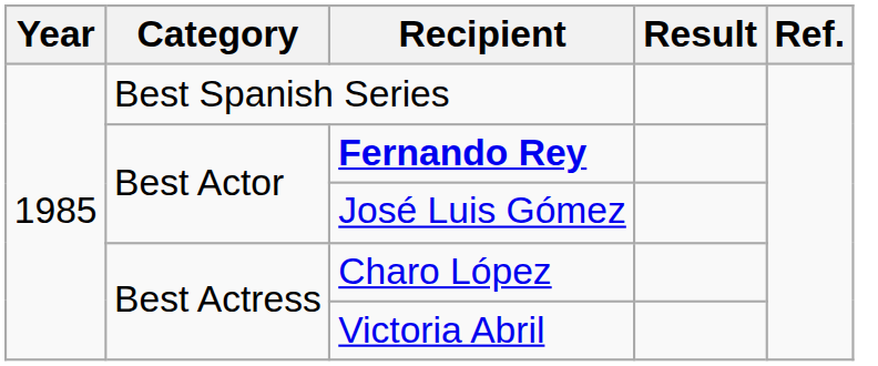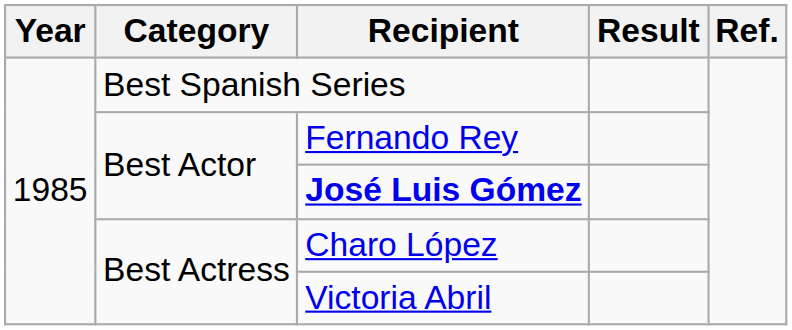 <table class = "wikitable sortable">
 <tr>
 <th>Year</th>
 <th>Category</th>
 <th>Recipient</th>
 <th>Result</th>
 <th>Ref.</th>
 </tr>
 <tr>
 <td rowspan=5>1985</td>
 <td colspan=2>Best Spanish Series</td>
 <td></td>
 <td rowspan=5></td>
 </tr>
 <tr>
 <td rowspan=2>Best Actor</td>
-<td><strong><a href='#'>Fernando Rey</a></strong></td>
+<td><a href='#'>Fernando Rey</a></td>
 <td></td>
 </tr>
 <tr>
-<td><a href='#'>José Luis Gómez</a></td>
+<td><strong><a href='#'>José Luis Gómez</a></strong></td>
 <td></td>
 </tr>
 <tr>
 <td rowspan=2>Best Actress</td>
 <td><a href='#'>Charo López</a></td>
 <td></td>
 </tr>
 <tr>
 <td><a href='#'>Victoria Abril</a></td>
 <td></td>
 </tr>
 </table>
